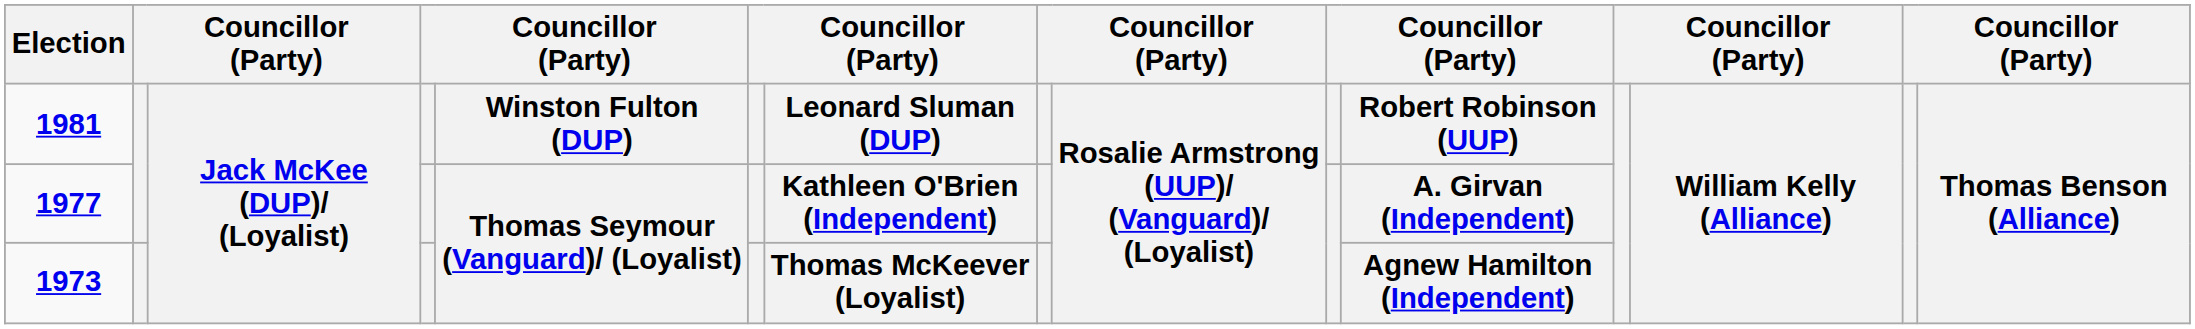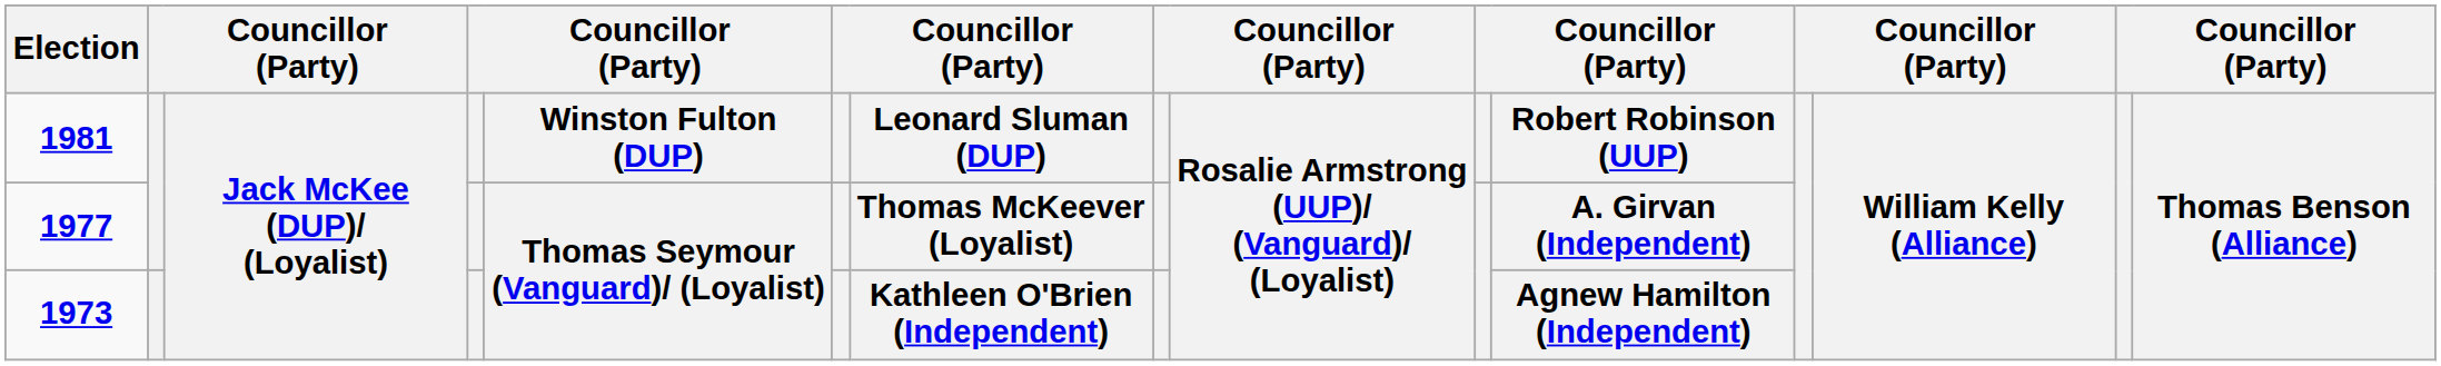 <table class="wikitable" style="text-align:center">
 <tr>
 <th scope="col" width="50">Election</th>
 <th scope="col" width="150" colspan = "2">Councillor<br> (Party)</th>
 <th scope="col" width="150" colspan = "2">Councillor<br> (Party)</th>
 <th scope="col" width="150" colspan = "2">Councillor<br> (Party)</th>
 <th scope="col" width="150" colspan = "2">Councillor<br> (Party)</th>
 <th scope="col" width="150" colspan = "2">Councillor<br> (Party)</th>
 <th scope="col" width="150" colspan = "2">Councillor<br> (Party)</th>
 <th scope="col" width="150" colspan = "2">Councillor<br> (Party)</th>
 </tr>
 <tr>
 <td><strong><a href='#'>1981</a></strong></td>
 <th rowspan="2" width="1" style="background-color: "></th>
 <th rowspan = "3"><a href='#'>Jack McKee</a> <br> (<a href='#'>DUP</a>)/ <br> (Loyalist)</th>
 <th rowspan="1" width="1" style="background-color: "></th>
 <th rowspan = "1">Winston Fulton <br> (<a href='#'>DUP</a>)</th>
 <th rowspan="1" width="1" style="background-color: "></th>
 <th rowspan = "1">Leonard Sluman <br> (<a href='#'>DUP</a>)</th>
 <th rowspan="1" width="1" style="background-color: "></th>
 <th rowspan = "3">Rosalie Armstrong <br> (<a href='#'>UUP</a>)/ <br> (<a href='#'>Vanguard</a>)/ <br> (Loyalist)</th>
 <th rowspan="1" width="1" style="background-color: "></th>
 <th rowspan = "1">Robert Robinson <br> (<a href='#'>UUP</a>)</th>
 <th rowspan="3" width="1" style="background-color: "></th>
 <th rowspan = "3">William Kelly <br> (<a href='#'>Alliance</a>)</th>
 <th rowspan="3" width="1" style="background-color: "></th>
 <th rowspan = "3">Thomas Benson <br> (<a href='#'>Alliance</a>)</th>
 </tr>
 <tr>
 <td><strong><a href='#'>1977</a></strong></td>
 <th rowspan="1" width="1" style="background-color: "></th>
 <th rowspan = "2">Thomas Seymour <br> (<a href='#'>Vanguard</a>)/ (Loyalist)</th>
 <th rowspan="1" width="1" style="background-color: "></th>
-<th rowspan = "1">Kathleen O'Brien <br> (<a href='#'>Independent</a>)</th>
+<th rowspan = "1">Thomas McKeever <br> (Loyalist)</th>
 <th rowspan="1" width="1" style="background-color: "></th>
 <th rowspan="2" width="1" style="background-color: "></th>
 <th rowspan = "1">A. Girvan <br> (<a href='#'>Independent</a>)</th>
 </tr>
 <tr>
 <td><strong><a href='#'>1973</a></strong></td>
 <th rowspan="1" width="1" style="background-color: "></th>
 <th rowspan="1" width="1" style="background-color: "></th>
 <th rowspan="1" width="1" style="background-color: "></th>
-<th rowspan = "1">Thomas McKeever <br> (Loyalist)</th>
+<th rowspan = "1">Kathleen O'Brien <br> (<a href='#'>Independent</a>)</th>
 <th rowspan="1" width="1" style="background-color: "></th>
 <th rowspan = "1">Agnew Hamilton <br> (<a href='#'>Independent</a>)</th>
 </tr>
 </table>
